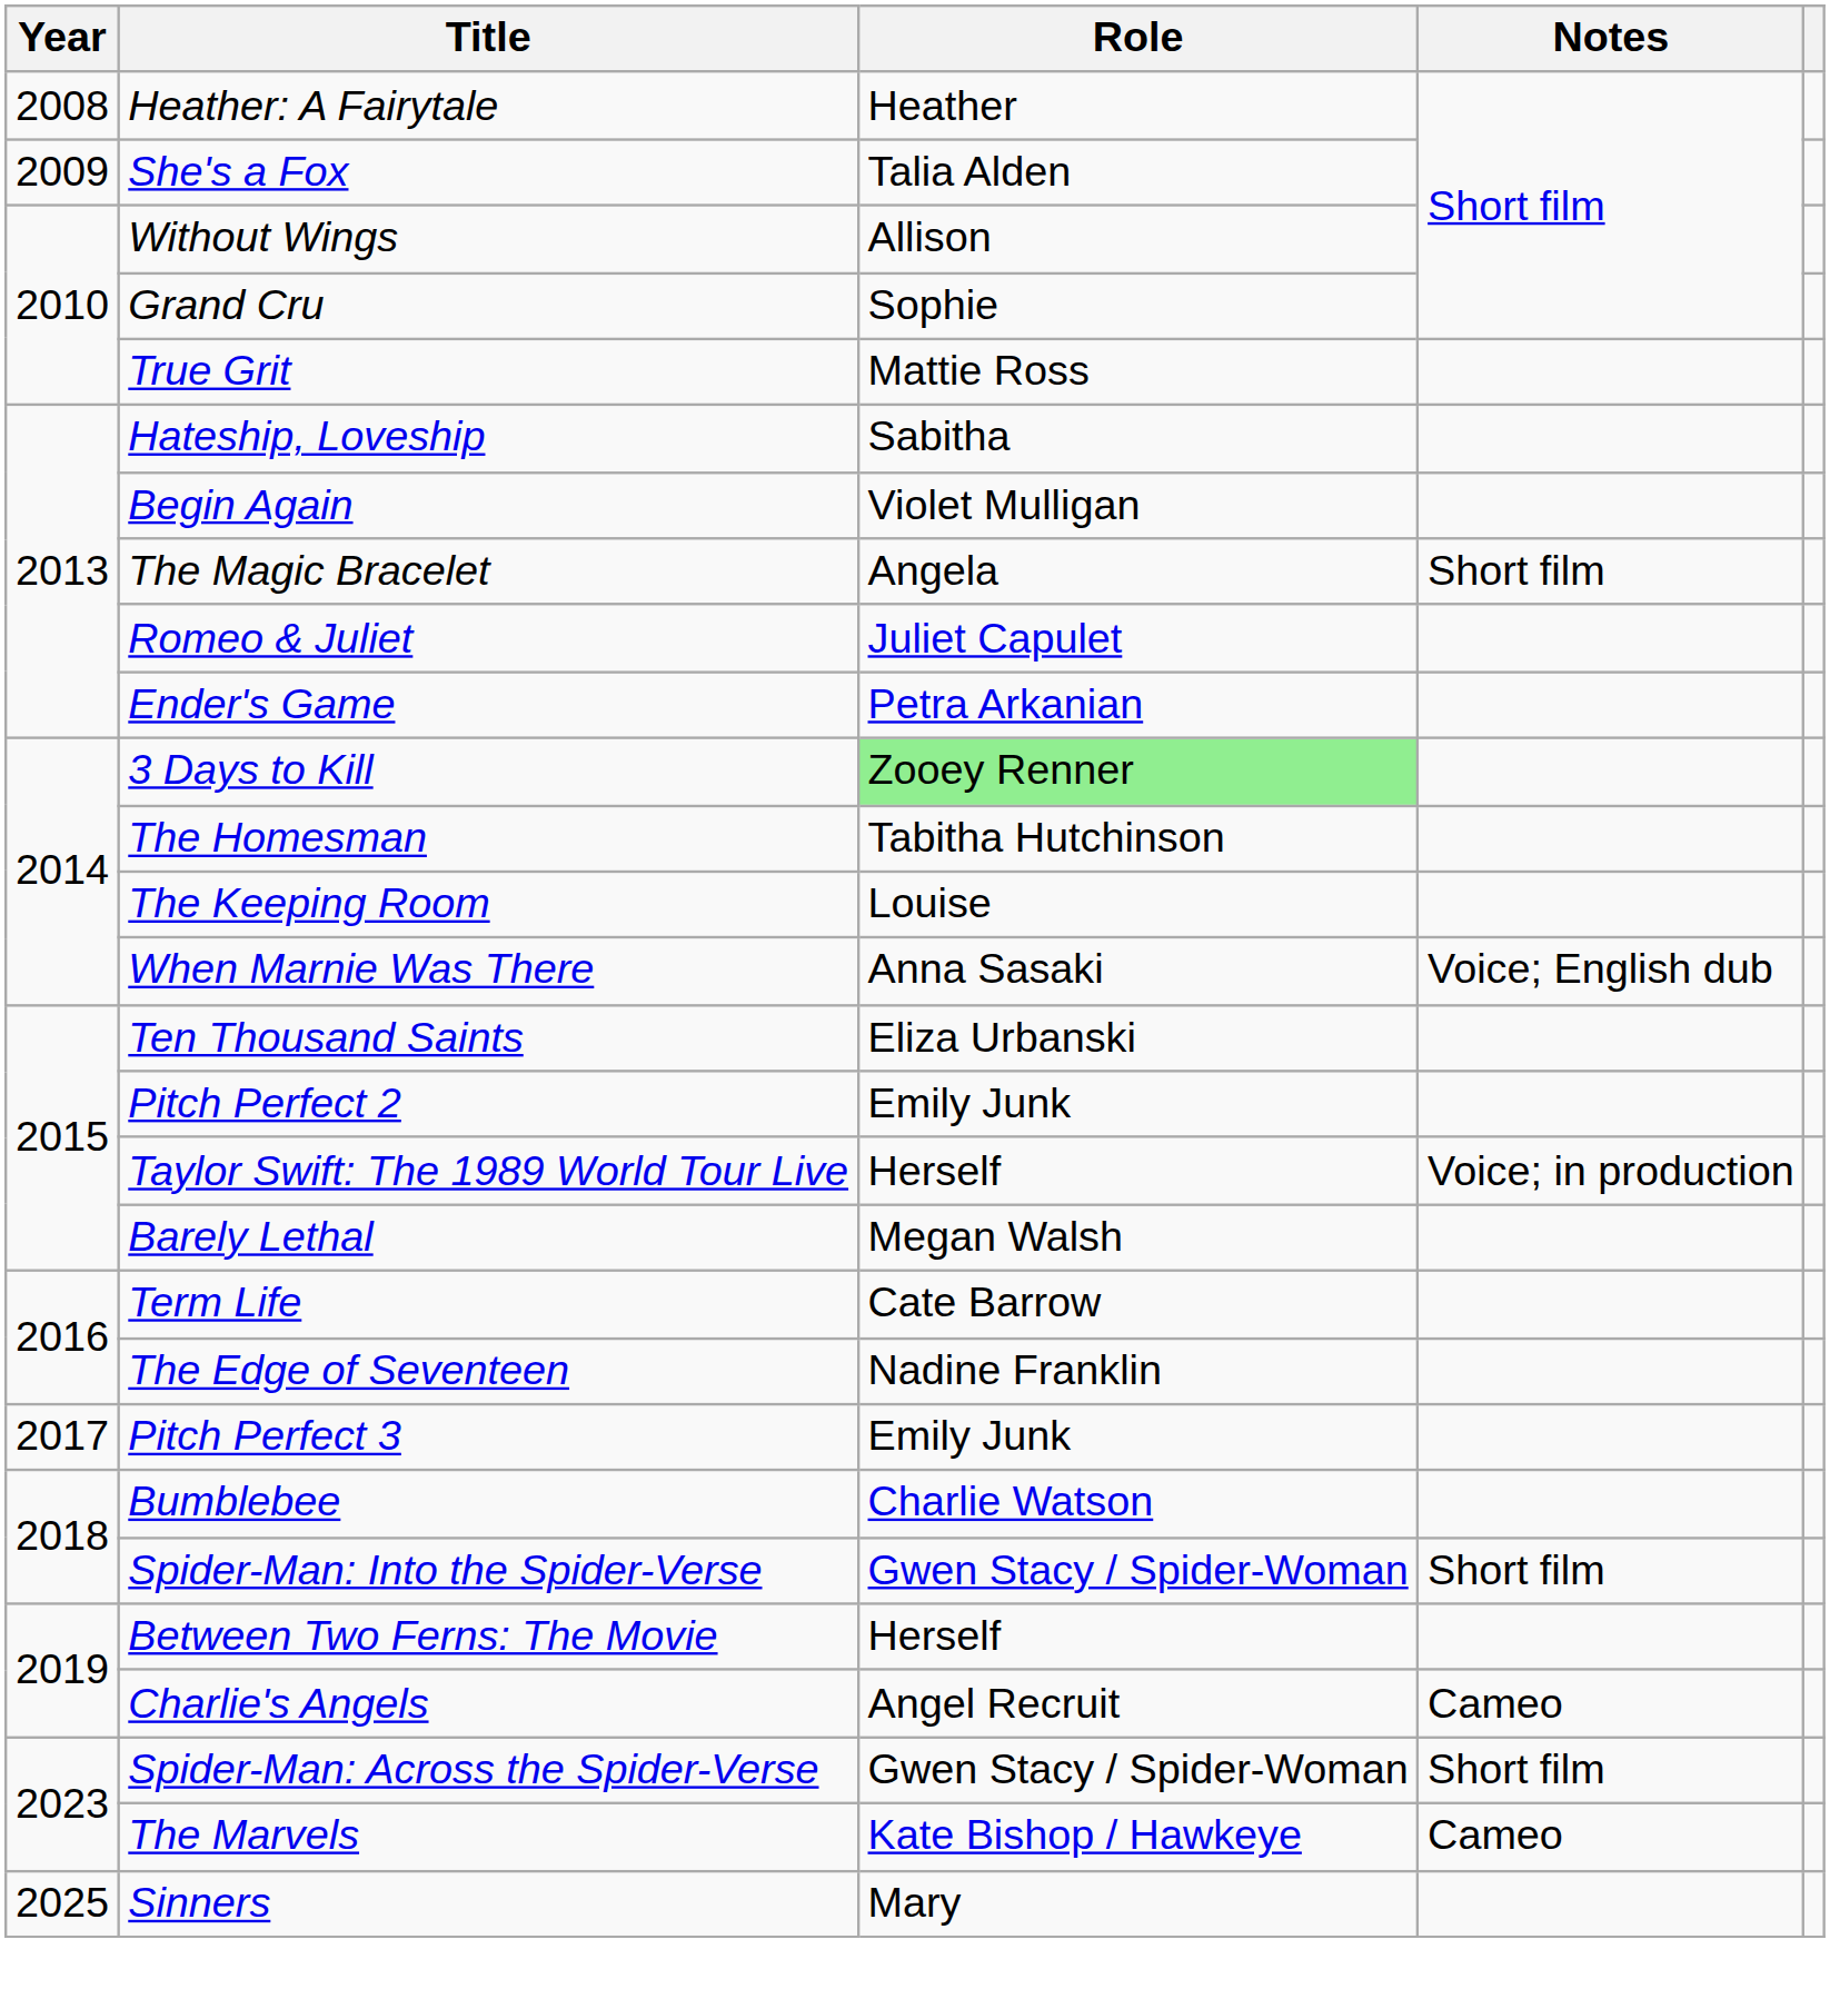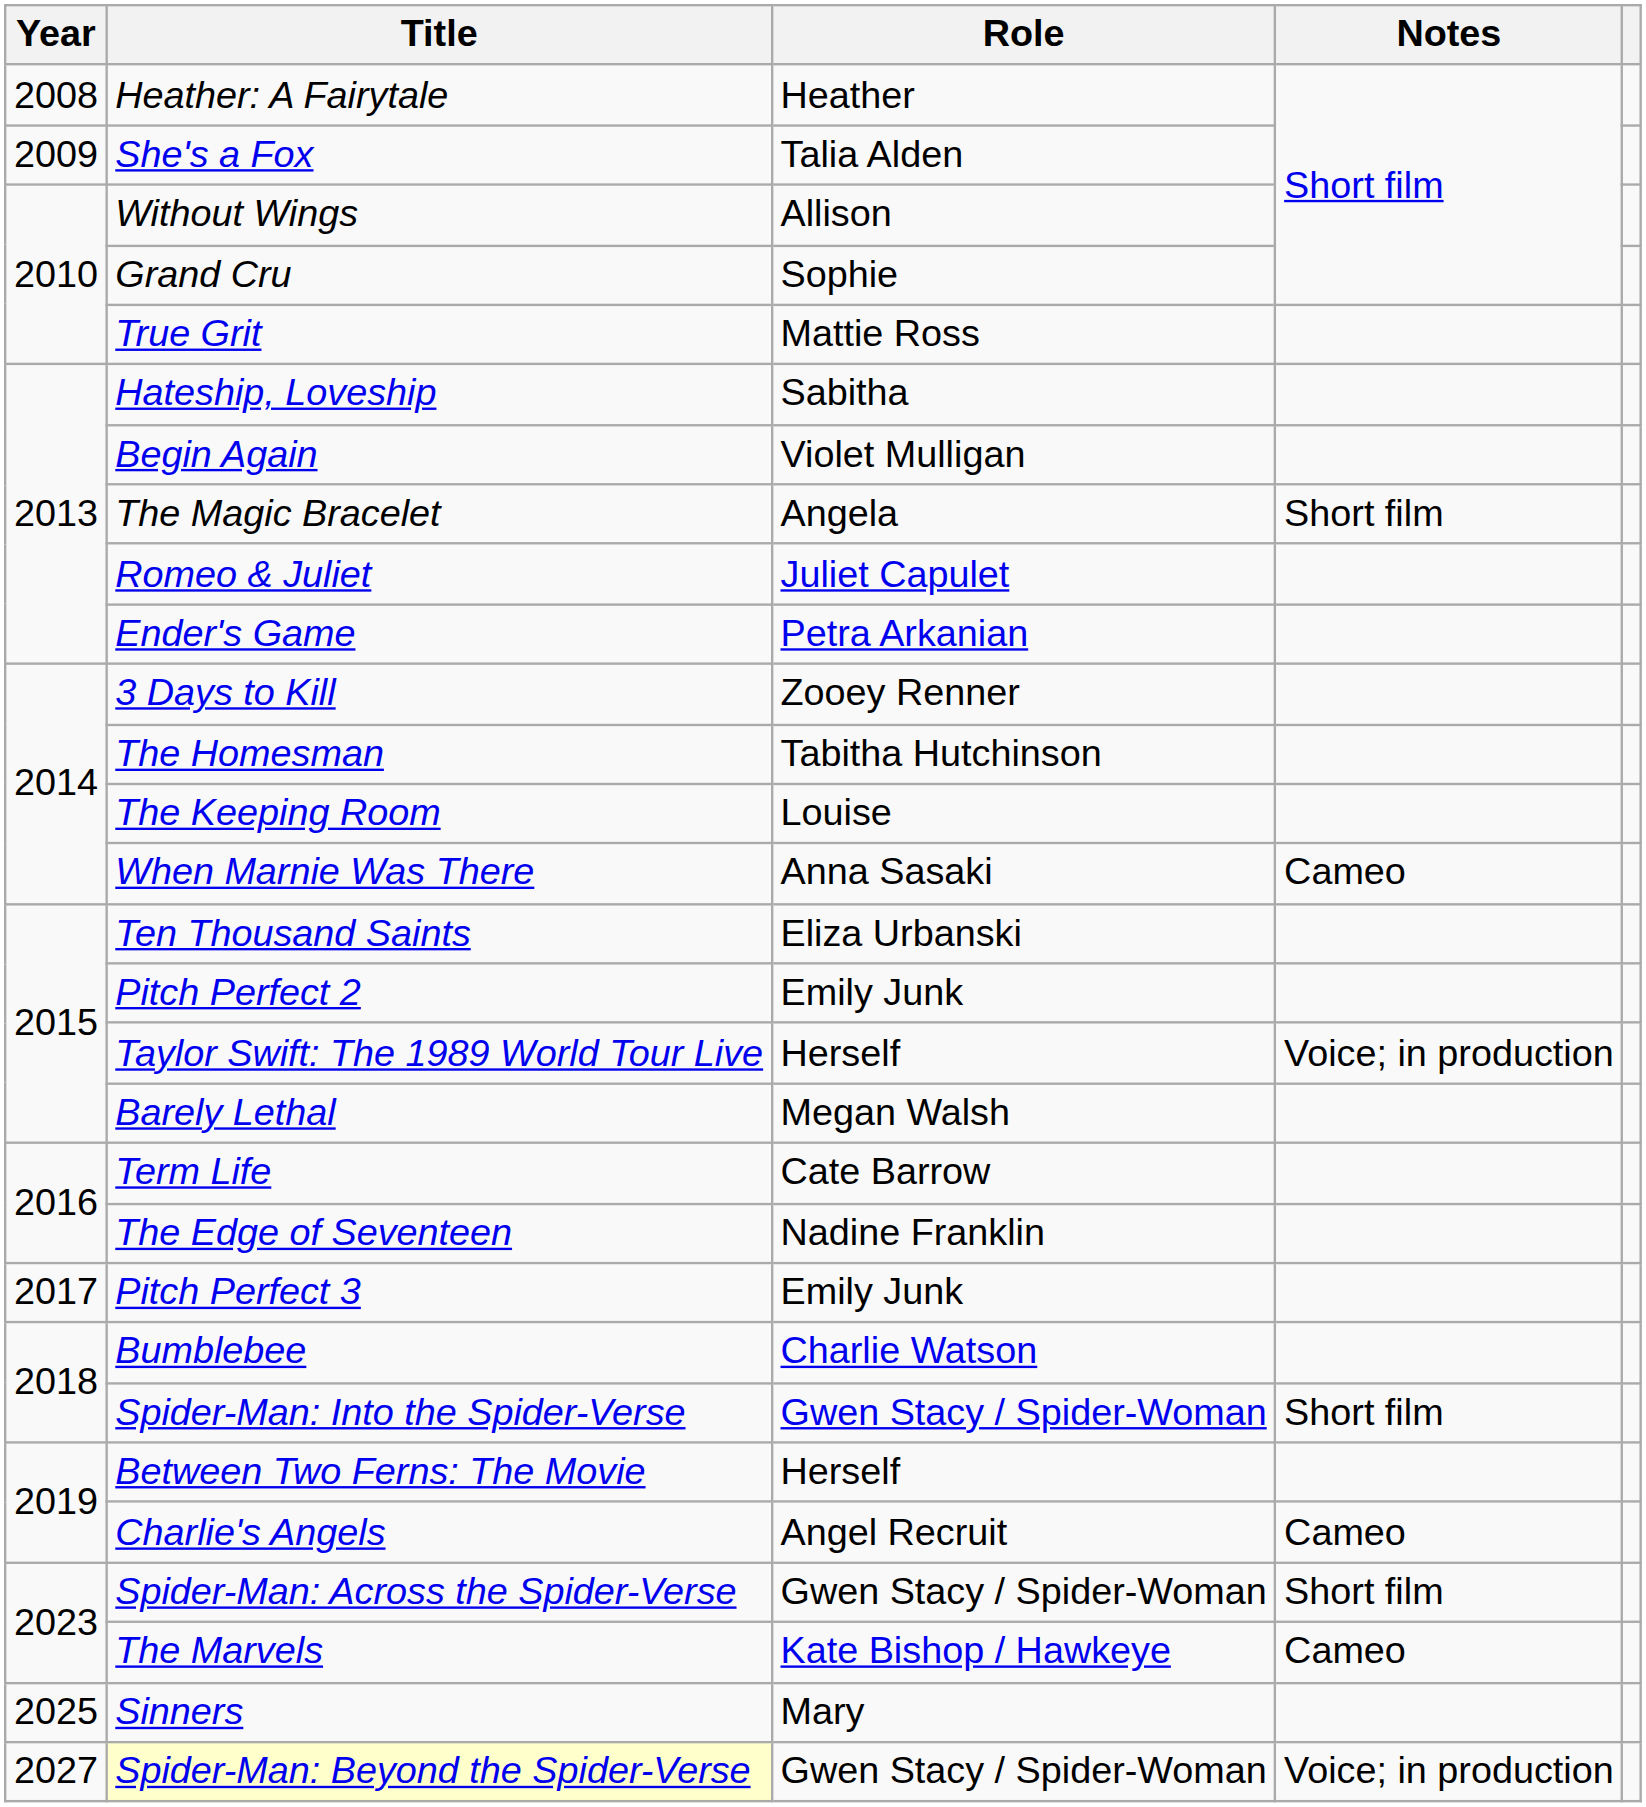 <table class="wikitable sortable">
 <tr>
 <th>Year</th>
 <th>Title</th>
 <th>Role</th>
 <th scope="col" class="unsortable">Notes</th>
 <th scope="col" class="unsortable"></th>
 </tr>
 <tr>
 <td>2008</td>
 <td><em>Heather: A Fairytale</em></td>
 <td>Heather</td>
 <td rowspan="4"><a href='#'>Short film</a></td>
 <td align="center"></td>
 </tr>
 <tr>
 <td>2009</td>
 <td><em><a href='#'>She's a Fox</a></em></td>
 <td>Talia Alden</td>
 <td align="center"></td>
 </tr>
 <tr>
 <td rowspan="3">2010</td>
 <td><em>Without Wings</em></td>
 <td>Allison</td>
 <td align="center"></td>
 </tr>
 <tr>
 <td><em>Grand Cru</em></td>
 <td>Sophie</td>
 <td align="center"></td>
 </tr>
 <tr>
 <td><em><a href='#'>True Grit</a></em></td>
 <td>Mattie Ross</td>
 <td></td>
 <td align="center"></td>
 </tr>
 <tr>
 <td rowspan="5">2013</td>
 <td><em><a href='#'>Hateship, Loveship</a></em></td>
 <td>Sabitha</td>
 <td></td>
 <td align="center"></td>
 </tr>
 <tr>
 <td><em><a href='#'>Begin Again</a></em></td>
 <td>Violet Mulligan</td>
 <td></td>
 <td align="center"></td>
 </tr>
 <tr>
 <td><em>The Magic Bracelet</em></td>
 <td>Angela</td>
 <td>Short film</td>
 <td align="center"></td>
 </tr>
 <tr>
 <td><em><a href='#'>Romeo & Juliet</a></em></td>
 <td><a href='#'>Juliet Capulet</a></td>
 <td></td>
 <td align="center"></td>
 </tr>
 <tr>
 <td><em><a href='#'>Ender's Game</a></em></td>
 <td><a href='#'>Petra Arkanian</a></td>
 <td></td>
 <td align="center"></td>
 </tr>
 <tr>
 <td rowspan="4">2014</td>
 <td><em><a href='#'>3 Days to Kill</a></em></td>
-<td style="background: lightgreen;">Zooey Renner</td>
+<td>Zooey Renner</td>
 <td></td>
 <td align="center"></td>
 </tr>
 <tr>
 <td><em><a href='#'>The Homesman</a></em></td>
 <td>Tabitha Hutchinson</td>
 <td></td>
 <td align="center"></td>
 </tr>
 <tr>
 <td><em><a href='#'>The Keeping Room</a></em></td>
 <td>Louise</td>
 <td></td>
 <td align="center"></td>
 </tr>
 <tr>
 <td><em><a href='#'>When Marnie Was There</a></em></td>
 <td>Anna Sasaki</td>
-<td>Voice; English dub</td>
+<td>Cameo</td>
 <td align="center"></td>
 </tr>
 <tr>
 <td rowspan="4">2015</td>
 <td><em><a href='#'>Ten Thousand Saints</a></em></td>
 <td>Eliza Urbanski</td>
 <td></td>
 <td align="center"></td>
 </tr>
 <tr>
 <td><em><a href='#'>Pitch Perfect 2</a></em></td>
 <td>Emily Junk</td>
 <td></td>
 <td align="center"></td>
 </tr>
 <tr>
 <td><em><a href='#'>Taylor Swift: The 1989 World Tour Live</a></em></td>
 <td>Herself</td>
 <td>Voice; in production</td>
 <td align="center"></td>
 </tr>
 <tr>
 <td><em><a href='#'>Barely Lethal</a></em></td>
 <td>Megan Walsh</td>
 <td></td>
 <td align="center"></td>
 </tr>
 <tr>
 <td rowspan="2">2016</td>
 <td><em><a href='#'>Term Life</a></em></td>
 <td>Cate Barrow</td>
 <td></td>
 <td align="center"></td>
 </tr>
 <tr>
 <td><em><a href='#'>The Edge of Seventeen</a></em></td>
 <td>Nadine Franklin</td>
 <td></td>
 <td align="center"></td>
 </tr>
 <tr>
 <td>2017</td>
 <td><em><a href='#'>Pitch Perfect 3</a></em></td>
 <td>Emily Junk</td>
 <td></td>
 <td align="center"></td>
 </tr>
 <tr>
 <td rowspan="2">2018</td>
 <td><em><a href='#'>Bumblebee</a></em></td>
 <td><a href='#'>Charlie Watson</a></td>
 <td></td>
 <td align="center"></td>
 </tr>
 <tr>
 <td><em><a href='#'>Spider-Man: Into the Spider-Verse</a></em></td>
 <td><a href='#'>Gwen Stacy / Spider-Woman</a></td>
 <td>Short film</td>
 <td align="center"></td>
 </tr>
 <tr>
 <td rowspan="2">2019</td>
 <td><em><a href='#'>Between Two Ferns: The Movie</a></em></td>
 <td>Herself</td>
 <td></td>
 <td align="center"></td>
 </tr>
 <tr>
 <td><em><a href='#'>Charlie's Angels</a></em></td>
 <td>Angel Recruit</td>
 <td>Cameo</td>
 <td align="center"></td>
 </tr>
 <tr>
 <td rowspan="2">2023</td>
 <td><em><a href='#'>Spider-Man: Across the Spider-Verse</a></em></td>
 <td>Gwen Stacy / Spider-Woman</td>
 <td>Short film</td>
 <td align="center"></td>
 </tr>
 <tr>
 <td><em><a href='#'>The Marvels</a></em></td>
 <td><a href='#'>Kate Bishop / Hawkeye</a></td>
 <td>Cameo</td>
 <td align="center"></td>
 </tr>
 <tr>
 <td>2025</td>
 <td><em><a href='#'>Sinners</a></em></td>
 <td>Mary</td>
 <td></td>
 <td align="center"></td>
 </tr>
+<tr>
+<td>2027</td>
+<td style="background:#FFFFCC;"><em><a href='#'>Spider-Man: Beyond the Spider-Verse</a></em></td>
+<td>Gwen Stacy / Spider-Woman</td>
+<td>Voice; in production</td>
+<td align="center"></td>
+</tr>
 </table>
